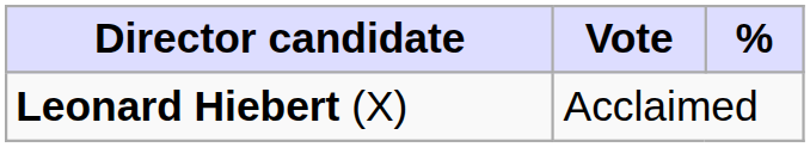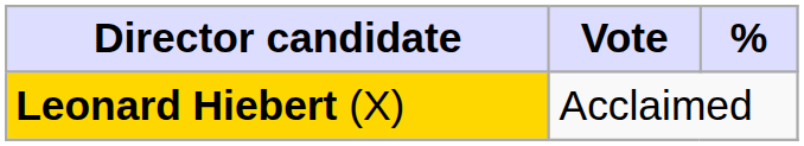 <table class="wikitable">
 <tr>
 <th style="background:#ddf;" width="200px">Director candidate</th>
 <th style="background:#ddf;" width="50px">Vote</th>
 <th style="background:#ddf;" width="30px">%</th>
 </tr>
 <tr>
-<td><strong>Leonard Hiebert</strong> (X)</td>
+<td style="background: gold;"><strong>Leonard Hiebert</strong> (X)</td>
 <td colspan="2">Acclaimed</td>
 </tr>
 </table>
